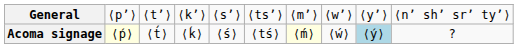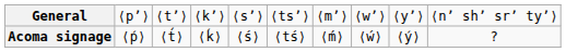 <table class="wikitable">
 <tr>
 <th>General</th>
 <td>⟨pʼ⟩</td>
 <td>⟨tʼ⟩</td>
 <td>⟨kʼ⟩</td>
 <td>⟨sʼ⟩</td>
 <td>⟨tsʼ⟩</td>
 <td>⟨mʼ⟩</td>
 <td>⟨wʼ⟩</td>
 <td>⟨yʼ⟩</td>
 <td>⟨nʼ shʼ srʼ tyʼ⟩</td>
 </tr>
 <tr style="text-align:center;">
 <th>Acoma signage</th>
-<td style="background: lightyellow;">⟨ṕ⟩</td>
+<td>⟨ṕ⟩</td>
 <td>⟨t́⟩</td>
 <td>⟨ḱ⟩</td>
 <td>⟨ś⟩</td>
 <td>⟨tś⟩</td>
-<td style="background: lightyellow;">⟨ḿ⟩</td>
+<td>⟨ḿ⟩</td>
 <td>⟨ẃ⟩</td>
-<td style="background: lightblue;">⟨ý⟩</td>
+<td>⟨ý⟩</td>
 <td>?</td>
 </tr>
 </table>
